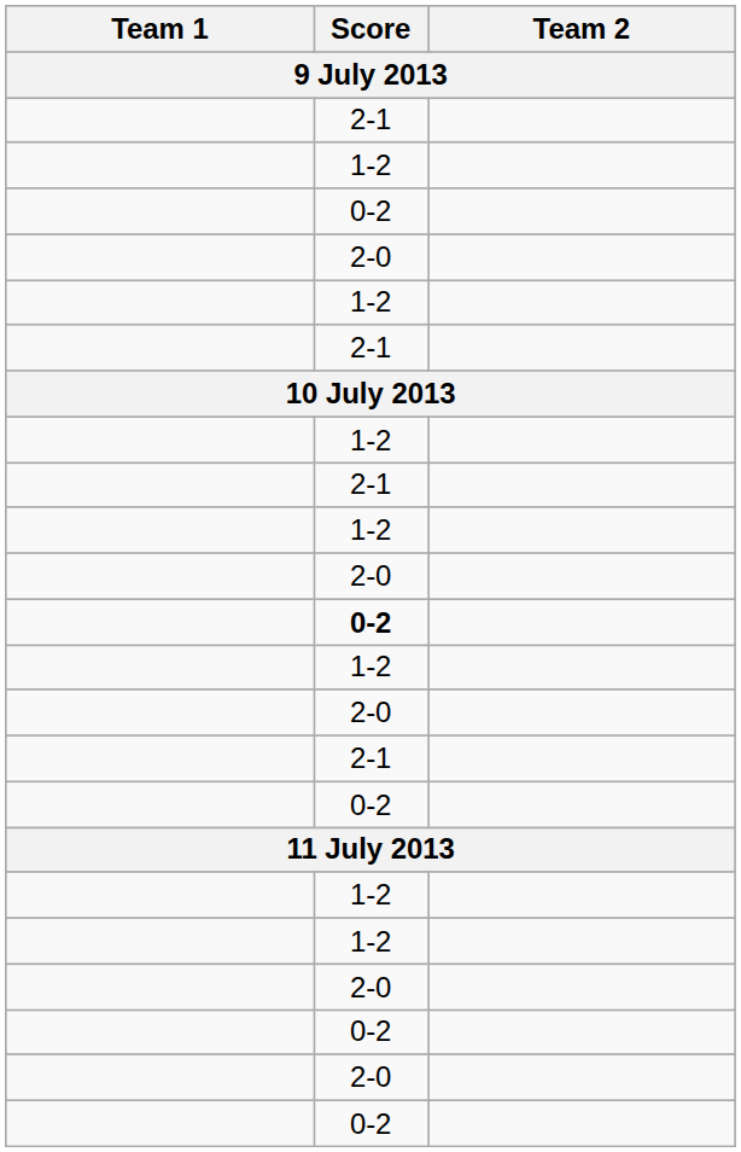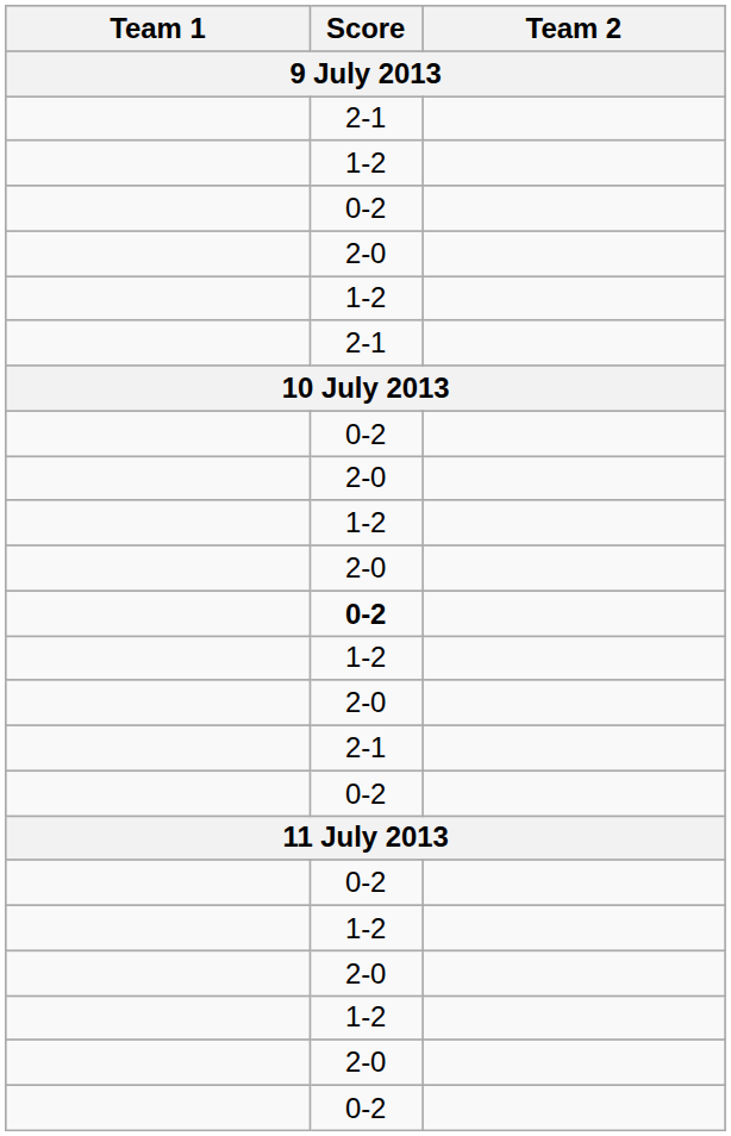 <table class="wikitable" style="text-align: center; font-size:90% ">
 <tr>
 <th align="right" width="147">Team 1</th>
 <th width="50">Score</th>
 <th align="left" width="147">Team 2</th>
 </tr>
 <tr>
 <th colspan=3>9 July 2013</th>
 </tr>
 <tr>
 <td align=right><strong></strong></td>
 <td align=center>2-1</td>
 <td align=left></td>
 </tr>
 <tr>
 <td align=right></td>
 <td align=center>1-2</td>
 <td align=left><strong></strong></td>
 </tr>
 <tr>
 <td align=right></td>
 <td align=center>0-2</td>
 <td align=left><strong></strong></td>
 </tr>
 <tr>
 <td align=right><strong></strong></td>
 <td align=center>2-0</td>
 <td align=left></td>
 </tr>
 <tr>
 <td align=right></td>
 <td align=center>1-2</td>
 <td align=left><strong></strong></td>
 </tr>
 <tr>
 <td align=right></td>
 <td align=center>2-1</td>
 <td align=left></td>
 </tr>
 <tr>
 <th colspan=3>10 July 2013</th>
 </tr>
 <tr>
 <td align=right></td>
-<td align=center>1-2</td>
+<td align=center>0-2</td>
 <td align=left><strong></strong></td>
 </tr>
 <tr>
 <td align=right><strong></strong></td>
-<td align=center>2-1</td>
+<td align=center>2-0</td>
 <td align=left></td>
 </tr>
 <tr>
 <td align=right></td>
 <td align=center>1-2</td>
 <td align=left><strong></strong></td>
 </tr>
 <tr>
 <td align=right><strong></strong></td>
 <td align=center>2-0</td>
 <td align=left></td>
 </tr>
 <tr>
 <td align=right></td>
 <td align=center><strong>0-2</strong></td>
 <td align=left><strong></strong></td>
 </tr>
 <tr>
 <td align=right></td>
 <td align=center>1-2</td>
 <td align=left><strong></strong></td>
 </tr>
 <tr>
 <td align=right><strong></strong></td>
 <td align=center>2-0</td>
 <td align=left></td>
 </tr>
 <tr>
 <td align=right><strong></strong></td>
 <td align=center>2-1</td>
 <td align=left></td>
 </tr>
 <tr>
 <td align=right></td>
 <td align=center>0-2</td>
 <td align=left><strong></strong></td>
 </tr>
 <tr>
 <th colspan=3>11 July 2013</th>
 </tr>
 <tr>
 <td align=right></td>
+<td align=center>0-2</td>
+<td align=left><strong></strong></td>
+</tr>
+<tr>
+<td align=right></td>
 <td align=center>1-2</td>
 <td align=left><strong></strong></td>
+</tr>
+<tr>
+<td align=right><strong></strong></td>
+<td align=center>2-0</td>
+<td align=left></td>
 </tr>
 <tr>
 <td align=right></td>
 <td align=center>1-2</td>
 <td align=left><strong></strong></td>
 </tr>
 <tr>
 <td align=right><strong></strong></td>
 <td align=center>2-0</td>
 <td align=left></td>
 </tr>
 <tr>
 <td align=right></td>
 <td align=center>0-2</td>
 <td align=left><strong></strong></td>
 </tr>
-<tr>
-<td align=right><strong></strong></td>
-<td align=center>2-0</td>
-<td align=left></td>
-</tr>
-<tr>
-<td align=right></td>
-<td align=center>0-2</td>
-<td align=left><strong></strong></td>
-</tr>
 </table>
